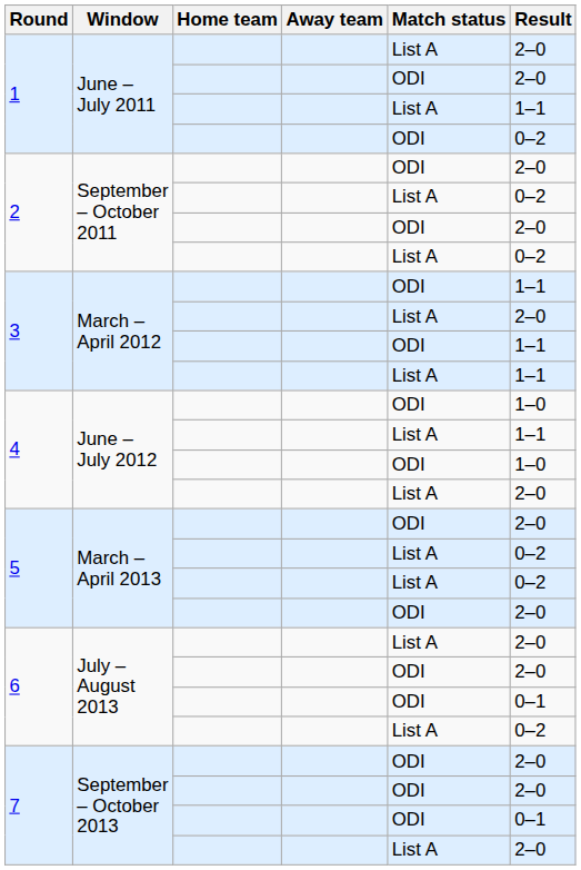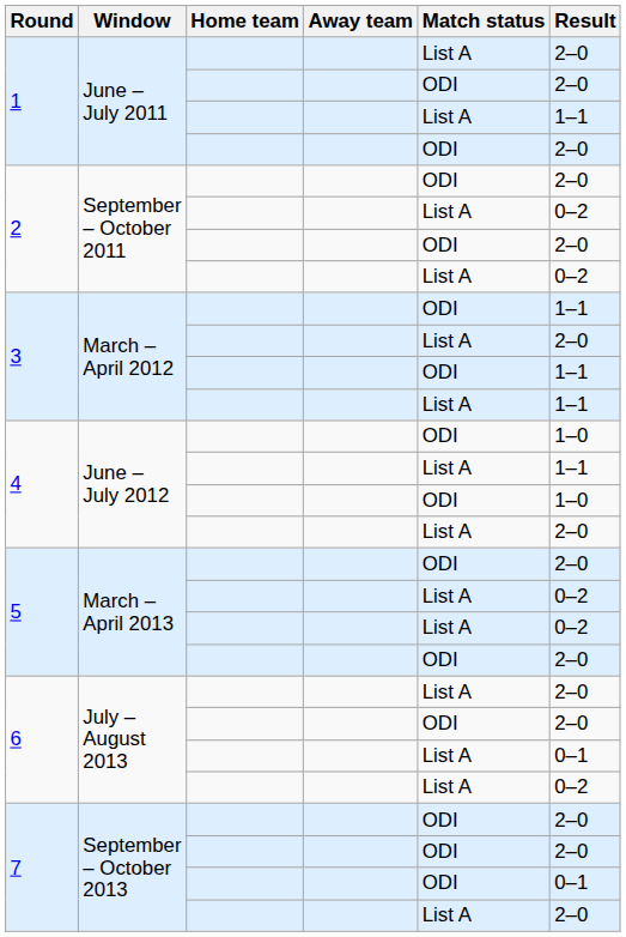 <table class="wikitable sortable">
 <tr>
 <th>Round</th>
 <th style="width:70px">Window</th>
 <th>Home team</th>
 <th>Away team</th>
 <th>Match status</th>
 <th>Result</th>
 </tr>
 <tr style="background:#ddeeff">
 <td rowspan=4><a href='#'>1</a></td>
 <td rowspan=4>June – July 2011</td>
 <td></td>
 <td></td>
 <td>List A</td>
 <td>2–0</td>
 </tr>
 <tr style="background:#ddeeff">
 <td></td>
 <td></td>
 <td>ODI</td>
 <td>2–0</td>
 </tr>
 <tr style="background:#ddeeff">
 <td></td>
 <td></td>
 <td>List A</td>
 <td>1–1</td>
 </tr>
 <tr style="background:#ddeeff">
 <td></td>
 <td></td>
 <td>ODI</td>
-<td>0–2</td>
+<td>2–0</td>
 </tr>
 <tr>
 <td rowspan=4><a href='#'>2</a></td>
 <td rowspan=4>September – October 2011</td>
 <td></td>
 <td></td>
 <td>ODI</td>
 <td>2–0</td>
 </tr>
 <tr>
 <td></td>
 <td></td>
 <td>List A</td>
 <td>0–2</td>
 </tr>
 <tr>
 <td></td>
 <td></td>
 <td>ODI</td>
 <td>2–0</td>
 </tr>
 <tr>
 <td></td>
 <td></td>
 <td>List A</td>
 <td>0–2</td>
 </tr>
 <tr style="background:#ddeeff">
 <td rowspan=4><a href='#'>3</a></td>
 <td rowspan=4>March – April 2012</td>
 <td></td>
 <td></td>
 <td>ODI</td>
 <td>1–1</td>
 </tr>
 <tr style="background:#ddeeff">
 <td></td>
 <td></td>
 <td>List A</td>
 <td>2–0</td>
 </tr>
 <tr style="background:#ddeeff">
 <td></td>
 <td></td>
 <td>ODI</td>
 <td>1–1</td>
 </tr>
 <tr style="background:#ddeeff">
 <td></td>
 <td></td>
 <td>List A</td>
 <td>1–1</td>
 </tr>
 <tr>
 <td rowspan=4><a href='#'>4</a></td>
 <td rowspan=4>June – July 2012</td>
 <td></td>
 <td></td>
 <td>ODI</td>
 <td>1–0</td>
 </tr>
 <tr>
 <td></td>
 <td></td>
 <td>List A</td>
 <td>1–1</td>
 </tr>
 <tr>
 <td></td>
 <td></td>
 <td>ODI</td>
 <td>1–0</td>
 </tr>
 <tr>
 <td></td>
 <td></td>
 <td>List A</td>
 <td>2–0</td>
 </tr>
 <tr style="background:#ddeeff">
 <td rowspan=4><a href='#'>5</a></td>
 <td rowspan=4>March – April 2013</td>
 <td></td>
 <td></td>
 <td>ODI</td>
 <td>2–0</td>
 </tr>
 <tr style="background:#ddeeff">
 <td></td>
 <td></td>
 <td>List A</td>
 <td>0–2</td>
 </tr>
 <tr style="background:#ddeeff">
 <td></td>
 <td></td>
 <td>List A</td>
 <td>0–2</td>
 </tr>
 <tr style="background:#ddeeff">
 <td></td>
 <td></td>
 <td>ODI</td>
 <td>2–0</td>
 </tr>
 <tr>
 <td rowspan=4><a href='#'>6</a></td>
 <td rowspan=4>July – August 2013</td>
 <td></td>
 <td></td>
 <td>List A</td>
 <td>2–0</td>
 </tr>
 <tr>
 <td></td>
 <td></td>
 <td>ODI</td>
 <td>2–0</td>
 </tr>
 <tr>
 <td></td>
 <td></td>
-<td>ODI</td>
+<td>List A</td>
 <td>0–1</td>
 </tr>
 <tr>
 <td></td>
 <td></td>
 <td>List A</td>
 <td>0–2</td>
 </tr>
 <tr style="background:#ddeeff">
 <td rowspan=4><a href='#'>7</a></td>
 <td rowspan=4>September – October 2013</td>
 <td></td>
 <td></td>
 <td>ODI</td>
 <td>2–0</td>
 </tr>
 <tr style="background:#ddeeff">
 <td></td>
 <td></td>
 <td>ODI</td>
 <td>2–0</td>
 </tr>
 <tr style="background:#ddeeff">
 <td></td>
 <td></td>
 <td>ODI</td>
 <td>0–1</td>
 </tr>
 <tr style="background:#ddeeff">
 <td></td>
 <td></td>
 <td>List A</td>
 <td>2–0</td>
 </tr>
 </table>
